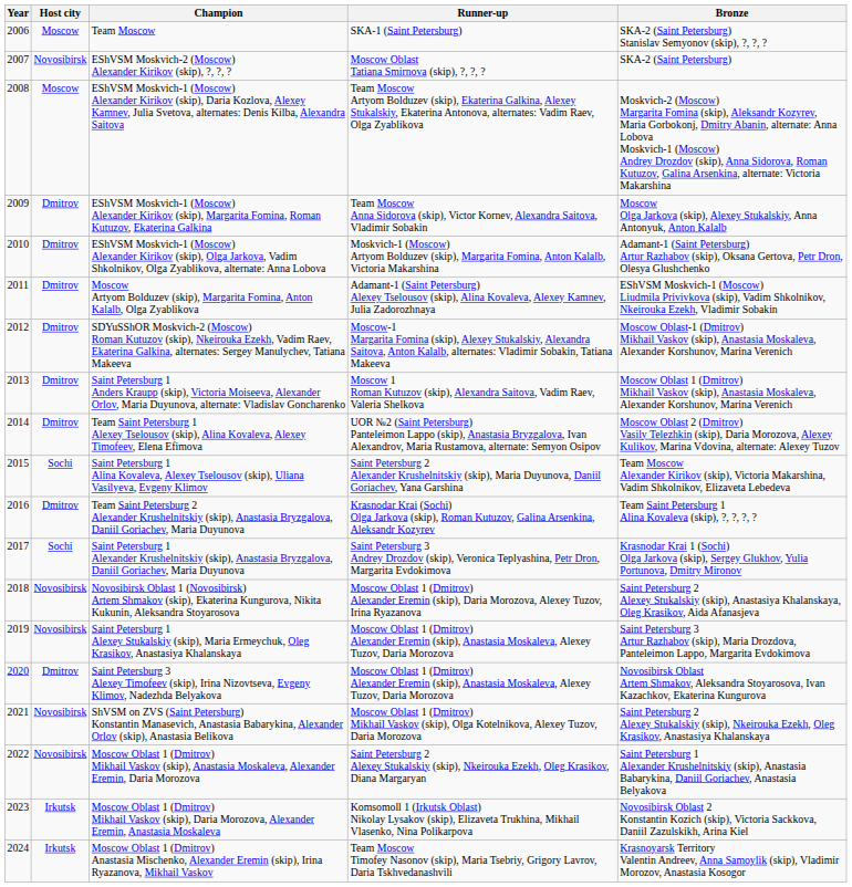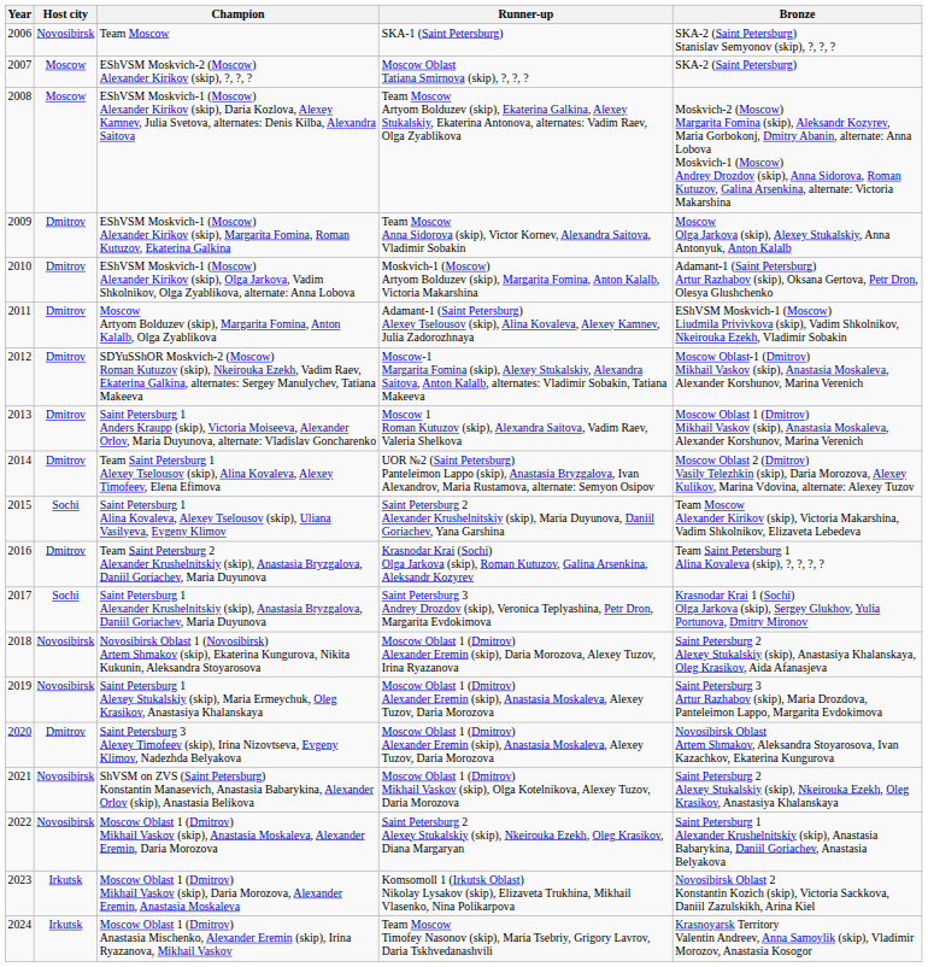 <table class="wikitable">
 <tr>
 <th scope="col">Year</th>
 <th scope="col">Host city</th>
 <th scope="col">Champion</th>
 <th scope="col">Runner-up</th>
 <th scope="col">Bronze</th>
 </tr>
 <tr valign="top">
 <td align=center>2006</td>
-<td align=center><a href='#'>Moscow</a></td>
+<td align=center><a href='#'>Novosibirsk</a></td>
 <td> Team <a href='#'>Moscow</a></td>
 <td> SKA-1 (<a href='#'>Saint Petersburg</a>)</td>
 <td> SKA-2 (<a href='#'>Saint Petersburg</a>)<br>Stanislav Semyonov (skip), ?, ?, ?</td>
 </tr>
 <tr valign="top">
 <td align=center>2007</td>
-<td align=center><a href='#'>Novosibirsk</a></td>
+<td align=center><a href='#'>Moscow</a></td>
 <td> EShVSM Moskvich-2 (<a href='#'>Moscow</a>)<br><a href='#'>Alexander Kirikov</a> (skip), ?, ?, ?</td>
 <td> <a href='#'>Moscow Oblast</a><br><a href='#'>Tatiana Smirnova</a> (skip), ?, ?, ?</td>
 <td> SKA-2 (<a href='#'>Saint Petersburg</a>)</td>
 </tr>
 <tr valign="top">
 <td align=center>2008</td>
 <td align=center><a href='#'>Moscow</a></td>
 <td> EShVSM Moskvich-1 (<a href='#'>Moscow</a>)<br><a href='#'>Alexander Kirikov</a> (skip), Daria Kozlova, <a href='#'>Alexey Kamnev</a>, Julia Svetova, alternates: Denis Kilba, <a href='#'>Alexandra Saitova</a></td>
 <td> Team <a href='#'>Moscow</a><br>Artyom Bolduzev (skip), <a href='#'>Ekaterina Galkina</a>, <a href='#'>Alexey Stukalskiy</a>, Ekaterina Antonova, alternates: Vadim Raev, Olga Zyablikova</td>
 <td><br> Moskvich-2 (<a href='#'>Moscow</a>)<br><a href='#'>Margarita Fomina</a> (skip), <a href='#'>Aleksandr Kozyrev</a>, Maria Gorbokonj, <a href='#'>Dmitry Abanin</a>, alternate: Anna Lobova<br>  Moskvich-1 (<a href='#'>Moscow</a>)<br><a href='#'>Andrey Drozdov</a> (skip), <a href='#'>Anna Sidorova</a>, <a href='#'>Roman Kutuzov</a>, <a href='#'>Galina Arsenkina</a>, alternate: Victoria Makarshina</td>
 </tr>
 <tr valign="top">
 <td align=center>2009</td>
 <td align=center><a href='#'>Dmitrov</a></td>
 <td> EShVSM Moskvich-1 (<a href='#'>Moscow</a>)<br><a href='#'>Alexander Kirikov</a> (skip), <a href='#'>Margarita Fomina</a>, <a href='#'>Roman Kutuzov</a>, <a href='#'>Ekaterina Galkina</a></td>
 <td> Team <a href='#'>Moscow</a><br><a href='#'>Anna Sidorova</a> (skip), Victor Kornev, <a href='#'>Alexandra Saitova</a>, Vladimir Sobakin</td>
 <td> <a href='#'>Moscow</a><br><a href='#'>Olga Jarkova</a> (skip), <a href='#'>Alexey Stukalskiy</a>, Anna Antonyuk, <a href='#'>Anton Kalalb</a></td>
 </tr>
 <tr valign="top">
 <td align=center>2010</td>
 <td align=center><a href='#'>Dmitrov</a></td>
 <td> EShVSM Moskvich-1 (<a href='#'>Moscow</a>)<br><a href='#'>Alexander Kirikov</a> (skip), <a href='#'>Olga Jarkova</a>, Vadim Shkolnikov, Olga Zyablikova, alternate: Anna Lobova</td>
 <td> Moskvich-1 (<a href='#'>Moscow</a>)<br>Artyom Bolduzev (skip), <a href='#'>Margarita Fomina</a>, <a href='#'>Anton Kalalb</a>, Victoria Makarshina</td>
 <td> Adamant-1 (<a href='#'>Saint Petersburg</a>)<br><a href='#'>Artur Razhabov</a> (skip), Oksana Gertova, <a href='#'>Petr Dron</a>, Olesya Glushchenko</td>
 </tr>
 <tr valign="top">
 <td align=center>2011</td>
 <td align=center><a href='#'>Dmitrov</a></td>
 <td> <a href='#'>Moscow</a><br>Artyom Bolduzev (skip), <a href='#'>Margarita Fomina</a>, <a href='#'>Anton Kalalb</a>, Olga Zyablikova</td>
 <td> Adamant-1 (<a href='#'>Saint Petersburg</a>)<br><a href='#'>Alexey Tselousov</a> (skip), <a href='#'>Alina Kovaleva</a>, <a href='#'>Alexey Kamnev</a>, Julia Zadorozhnaya</td>
 <td> EShVSM Moskvich-1 (<a href='#'>Moscow</a>)<br><a href='#'>Liudmila Privivkova</a> (skip), Vadim Shkolnikov, <a href='#'>Nkeirouka Ezekh</a>, Vladimir Sobakin</td>
 </tr>
 <tr valign="top">
 <td align=center>2012</td>
 <td align=center><a href='#'>Dmitrov</a></td>
 <td> SDYuSShOR Moskvich-2 (<a href='#'>Moscow</a>)<br><a href='#'>Roman Kutuzov</a> (skip), <a href='#'>Nkeirouka Ezekh</a>, Vadim Raev, <a href='#'>Ekaterina Galkina</a>, alternates: Sergey Manulychev, Tatiana Makeeva</td>
 <td> <a href='#'>Moscow</a>-1<br><a href='#'>Margarita Fomina</a> (skip), <a href='#'>Alexey Stukalskiy</a>, <a href='#'>Alexandra Saitova</a>, <a href='#'>Anton Kalalb</a>, alternates: Vladimir Sobakin, Tatiana Makeeva</td>
 <td> <a href='#'>Moscow Oblast</a>-1 (<a href='#'>Dmitrov</a>)<br><a href='#'>Mikhail Vaskov</a> (skip), <a href='#'>Anastasia Moskaleva</a>, Alexander Korshunov, Marina Verenich</td>
 </tr>
 <tr valign="top">
 <td align=center>2013</td>
 <td align=center><a href='#'>Dmitrov</a></td>
 <td> <a href='#'>Saint Petersburg</a> 1<br><a href='#'>Anders Kraupp</a> (skip), <a href='#'>Victoria Moiseeva</a>, <a href='#'>Alexander Orlov</a>, Maria Duyunova, alternate: Vladislav Goncharenko</td>
 <td> <a href='#'>Moscow</a> 1<br><a href='#'>Roman Kutuzov</a> (skip), <a href='#'>Alexandra Saitova</a>, Vadim Raev, Valeria Shelkova</td>
 <td> <a href='#'>Moscow Oblast</a> 1 (<a href='#'>Dmitrov</a>)<br><a href='#'>Mikhail Vaskov</a> (skip), <a href='#'>Anastasia Moskaleva</a>, Alexander Korshunov, Marina Verenich</td>
 </tr>
 <tr valign="top">
 <td align=center>2014</td>
 <td align=center><a href='#'>Dmitrov</a></td>
 <td> Team <a href='#'>Saint Petersburg</a> 1<br><a href='#'>Alexey Tselousov</a> (skip), <a href='#'>Alina Kovaleva</a>, <a href='#'>Alexey Timofeev</a>, Elena Efimova</td>
 <td> UOR №2 (<a href='#'>Saint Petersburg</a>)<br>Panteleimon Lappo (skip), <a href='#'>Anastasia Bryzgalova</a>, Ivan Alexandrov, Maria Rustamova, alternate: Semyon Osipov</td>
 <td> <a href='#'>Moscow Oblast</a> 2 (<a href='#'>Dmitrov</a>)<br><a href='#'>Vasily Telezhkin</a> (skip), Daria Morozova, <a href='#'>Alexey Kulikov</a>, Marina Vdovina, alternate: Alexey Tuzov</td>
 </tr>
 <tr valign="top">
 <td align=center>2015</td>
 <td align=center><a href='#'>Sochi</a></td>
 <td> <a href='#'>Saint Petersburg</a> 1<br><a href='#'>Alina Kovaleva</a>, <a href='#'>Alexey Tselousov</a> (skip), <a href='#'>Uliana Vasilyeva</a>, <a href='#'>Evgeny Klimov</a></td>
 <td> <a href='#'>Saint Petersburg</a> 2<br><a href='#'>Alexander Krushelnitskiy</a> (skip), Maria Duyunova, <a href='#'>Daniil Goriachev</a>, Yana Garshina</td>
 <td> Team <a href='#'>Moscow</a><br><a href='#'>Alexander Kirikov</a> (skip), Victoria Makarshina, Vadim Shkolnikov, Elizaveta Lebedeva</td>
 </tr>
 <tr valign="top">
 <td align=center>2016</td>
 <td align=center><a href='#'>Dmitrov</a></td>
 <td> Team <a href='#'>Saint Petersburg</a> 2<br><a href='#'>Alexander Krushelnitskiy</a> (skip), <a href='#'>Anastasia Bryzgalova</a>, <a href='#'>Daniil Goriachev</a>, Maria Duyunova</td>
 <td> <a href='#'>Krasnodar Krai</a> (<a href='#'>Sochi</a>)<br><a href='#'>Olga Jarkova</a> (skip), <a href='#'>Roman Kutuzov</a>, <a href='#'>Galina Arsenkina</a>, <a href='#'>Aleksandr Kozyrev</a></td>
 <td> Team <a href='#'>Saint Petersburg</a> 1<br><a href='#'>Alina Kovaleva</a> (skip), ?, ?, ?, ?</td>
 </tr>
 <tr valign="top">
 <td align=center>2017</td>
 <td align=center><a href='#'>Sochi</a></td>
 <td> <a href='#'>Saint Petersburg</a> 1<br><a href='#'>Alexander Krushelnitskiy</a> (skip), <a href='#'>Anastasia Bryzgalova</a>, <a href='#'>Daniil Goriachev</a>, Maria Duyunova</td>
 <td> <a href='#'>Saint Petersburg</a> 3<br><a href='#'>Andrey Drozdov</a> (skip), Veronica Teplyashina, <a href='#'>Petr Dron</a>, Margarita Evdokimova</td>
 <td> <a href='#'>Krasnodar Krai</a> 1 (<a href='#'>Sochi</a>)<br><a href='#'>Olga Jarkova</a> (skip), <a href='#'>Sergey Glukhov</a>, <a href='#'>Yulia Portunova</a>, <a href='#'>Dmitry Mironov</a></td>
 </tr>
 <tr valign="top">
 <td align=center>2018</td>
 <td align=center><a href='#'>Novosibirsk</a></td>
 <td> <a href='#'>Novosibirsk Oblast</a> 1 (<a href='#'>Novosibirsk</a>)<br><a href='#'>Artem Shmakov</a> (skip), Ekaterina Kungurova, Nikita Kukunin, Aleksandra Stoyarosova</td>
 <td> <a href='#'>Moscow Oblast</a> 1 (<a href='#'>Dmitrov</a>)<br><a href='#'>Alexander Eremin</a> (skip), Daria Morozova, Alexey Tuzov, Irina Ryazanova</td>
 <td> <a href='#'>Saint Petersburg</a> 2<br><a href='#'>Alexey Stukalskiy</a> (skip), Anastasiya Khalanskaya, <a href='#'>Oleg Krasikov</a>, Aida Afanasjeva</td>
 </tr>
 <tr valign="top">
 <td align=center>2019</td>
 <td align=center><a href='#'>Novosibirsk</a></td>
 <td> <a href='#'>Saint Petersburg</a> 1<br><a href='#'>Alexey Stukalskiy</a> (skip), Maria Ermeychuk, <a href='#'>Oleg Krasikov</a>, Anastasiya Khalanskaya</td>
 <td> <a href='#'>Moscow Oblast</a> 1 (<a href='#'>Dmitrov</a>)<br><a href='#'>Alexander Eremin</a> (skip), <a href='#'>Anastasia Moskaleva</a>, Alexey Tuzov, Daria Morozova</td>
 <td> <a href='#'>Saint Petersburg</a> 3<br><a href='#'>Artur Razhabov</a> (skip), Maria Drozdova, Panteleimon Lappo, Margarita Evdokimova</td>
 </tr>
 <tr valign="top">
 <td align=center><a href='#'>2020</a></td>
 <td align=center><a href='#'>Dmitrov</a></td>
 <td> <a href='#'>Saint Petersburg</a> 3<br><a href='#'>Alexey Timofeev</a> (skip), Irina Nizovtseva, <a href='#'>Evgeny Klimov</a>, Nadezhda Belyakova</td>
 <td> <a href='#'>Moscow Oblast</a> 1 (<a href='#'>Dmitrov</a>)<br><a href='#'>Alexander Eremin</a> (skip), <a href='#'>Anastasia Moskaleva</a>, Alexey Tuzov, Daria Morozova</td>
 <td> <a href='#'>Novosibirsk Oblast</a><br><a href='#'>Artem Shmakov</a>, Aleksandra Stoyarosova, Ivan Kazachkov, Ekaterina Kungurova</td>
 </tr>
 <tr valign="top">
 <td align=center>2021</td>
 <td align=center><a href='#'>Novosibirsk</a></td>
 <td> ShVSM on ZVS (<a href='#'>Saint Petersburg</a>) <br> Konstantin Manasevich, Anastasia Babarykina, <a href='#'>Alexander Orlov</a> (skip), Anastasia Belikova</td>
 <td> <a href='#'>Moscow Oblast</a> 1 (<a href='#'>Dmitrov</a>) <br> <a href='#'>Mikhail Vaskov</a> (skip), Olga Kotelnikova, Alexey Tuzov, Daria Morozova</td>
 <td> <a href='#'>Saint Petersburg</a> 2 <br> <a href='#'>Alexey Stukalskiy</a> (skip), <a href='#'>Nkeirouka Ezekh</a>, <a href='#'>Oleg Krasikov</a>, Anastasiya Khalanskaya</td>
 </tr>
 <tr valign="top">
 <td align=center>2022</td>
 <td align=center><a href='#'>Novosibirsk</a></td>
 <td> <a href='#'>Moscow Oblast</a> 1 (<a href='#'>Dmitrov</a>) <br> <a href='#'>Mikhail Vaskov</a> (skip), <a href='#'>Anastasia Moskaleva</a>, <a href='#'>Alexander Eremin</a>, Daria Morozova</td>
 <td> <a href='#'>Saint Petersburg</a> 2 <br> <a href='#'>Alexey Stukalskiy</a> (skip), <a href='#'>Nkeirouka Ezekh</a>, <a href='#'>Oleg Krasikov</a>, Diana Margaryan</td>
 <td> <a href='#'>Saint Petersburg</a> 1 <br> <a href='#'>Alexander Krushelnitskiy</a> (skip), Anastasia Babarykina, <a href='#'>Daniil Goriachev</a>, Anastasia Belyakova</td>
 </tr>
 <tr valign="top">
 <td align=center>2023</td>
 <td align=center><a href='#'>Irkutsk</a></td>
 <td> <a href='#'>Moscow Oblast</a> 1 (<a href='#'>Dmitrov</a>) <br> <a href='#'>Mikhail Vaskov</a> (skip), Daria Morozova, <a href='#'>Alexander Eremin</a>, <a href='#'>Anastasia Moskaleva</a></td>
 <td> Komsomoll 1 (<a href='#'>Irkutsk Oblast</a>) <br> Nikolay Lysakov (skip), Elizaveta Trukhina, Mikhail Vlasenko, Nina Polikarpova</td>
 <td> <a href='#'>Novosibirsk Oblast</a> 2 <br> Konstantin Kozich (skip), Victoria Sackkova, Daniil Zazulskikh, Arina Kiel</td>
 </tr>
 <tr valign="top">
 <td align=center>2024</td>
 <td align=center><a href='#'>Irkutsk</a></td>
 <td> <a href='#'>Moscow Oblast</a> 1 (<a href='#'>Dmitrov</a>) <br> Anastasia Mischenko, <a href='#'>Alexander Eremin</a> (skip), Irina Ryazanova, <a href='#'>Mikhail Vaskov</a></td>
 <td> Team <a href='#'>Moscow</a> <br> Timofey Nasonov (skip), Maria Tsebriy, Grigory Lavrov, Daria Tskhvedanashvili</td>
 <td> <a href='#'>Krasnoyarsk</a> Territory <br> Valentin Andreev, <a href='#'>Anna Samoylik</a> (skip), Vladimir Morozov, Anastasia Kosogor</td>
 </tr>
 </table>
